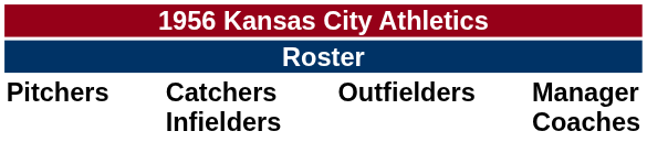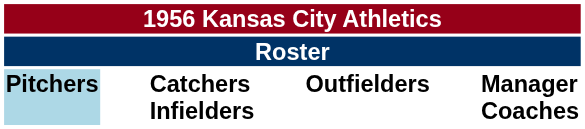 <table class="toccolours" style="font-size: 95%;">
 <tr>
 <th colspan="10" style="background-color: #960018; color: white; text-align: center;">1956 Kansas City Athletics</th>
 </tr>
 <tr>
 <td colspan="10" style="background-color: #003366; color: white; text-align: center;"><strong>Roster</strong></td>
 </tr>
 <tr>
-<td valign="top"><strong>Pitchers</strong><br>                    </td>
+<td valign="top" style="background: lightblue;"><strong>Pitchers</strong><br>                    </td>
 <td width="25px"></td>
 <td valign="top"><strong>Catchers</strong><br>    <strong>Infielders</strong>         </td>
 <td width="25px"></td>
 <td valign="top"><strong>Outfielders</strong><br>         </td>
 <td width="25px"></td>
 <td valign="top"><strong>Manager</strong><br> <strong>Coaches</strong>   </td>
 </tr>
 </table>
